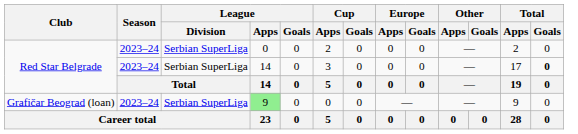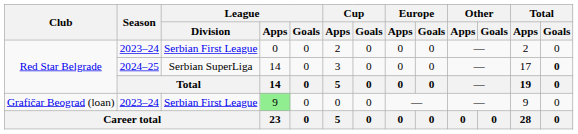 <table class="wikitable" style="text-align: center">
 <tr>
 <th rowspan="2">Club</th>
 <th rowspan="2">Season</th>
 <th colspan="3">League</th>
 <th colspan="2">Cup</th>
 <th colspan="2">Europe</th>
 <th colspan="2">Other</th>
 <th colspan="2">Total</th>
 </tr>
 <tr>
 <th>Division</th>
 <th>Apps</th>
 <th>Goals</th>
 <th>Apps</th>
 <th>Goals</th>
 <th>Apps</th>
 <th>Goals</th>
 <th>Apps</th>
 <th>Goals</th>
 <th>Apps</th>
 <th>Goals</th>
 </tr>
 <tr>
 <td rowspan="3"><a href='#'>Red Star Belgrade</a></td>
 <td><a href='#'>2023–24</a></td>
-<td><a href='#'>Serbian SuperLiga</a></td>
+<td><a href='#'>Serbian First League</a></td>
 <td>0</td>
 <td>0</td>
 <td>2</td>
 <td>0</td>
 <td>0</td>
 <td>0</td>
 <td colspan="2">—</td>
 <td>2</td>
 <td>0</td>
 </tr>
 <tr>
-<td><a href='#'>2023–24</a></td>
+<td><a href='#'>2024–25</a></td>
 <td>Serbian SuperLiga</td>
 <td>14</td>
 <td>0</td>
 <td>3</td>
 <td>0</td>
 <td>0</td>
 <td>0</td>
 <td colspan="2">—</td>
 <td>17</td>
 <td><strong>0</strong></td>
 </tr>
 <tr>
 <th colspan="2">Total</th>
 <th>14</th>
 <th>0</th>
 <th>5</th>
 <th>0</th>
 <th>0</th>
 <th>0</th>
 <th colspan="2">—</th>
 <th>19</th>
 <th>0</th>
 </tr>
 <tr>
 <td><a href='#'>Grafičar Beograd</a> (loan)</td>
 <td><a href='#'>2023–24</a></td>
-<td><a href='#'>Serbian SuperLiga</a></td>
+<td><a href='#'>Serbian First League</a></td>
 <td style="background: lightgreen;">9</td>
 <td>0</td>
 <td>0</td>
 <td>0</td>
 <td colspan="2">—</td>
 <td colspan="2">—</td>
 <td>9</td>
 <td>0</td>
 </tr>
 <tr>
 <th colspan="3">Career total</th>
 <th>23</th>
 <th>0</th>
 <th>5</th>
 <th>0</th>
 <th>0</th>
 <th>0</th>
 <th>0</th>
 <th>0</th>
 <th>28</th>
 <th>0</th>
 </tr>
 </table>
